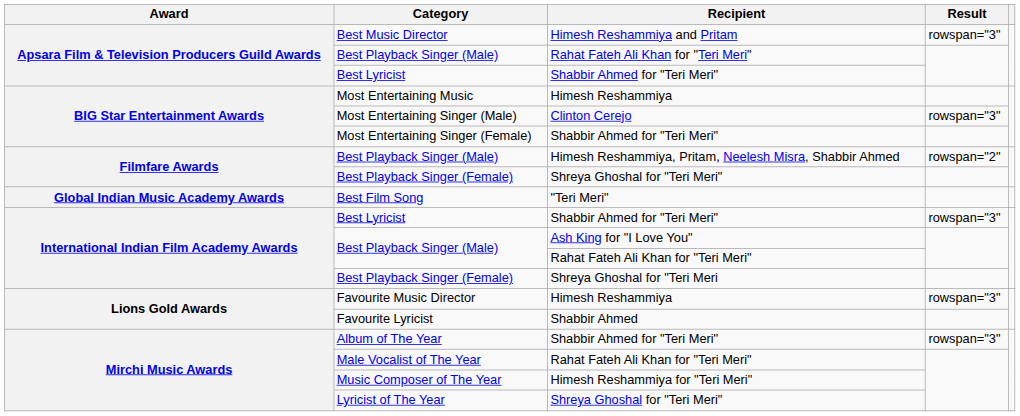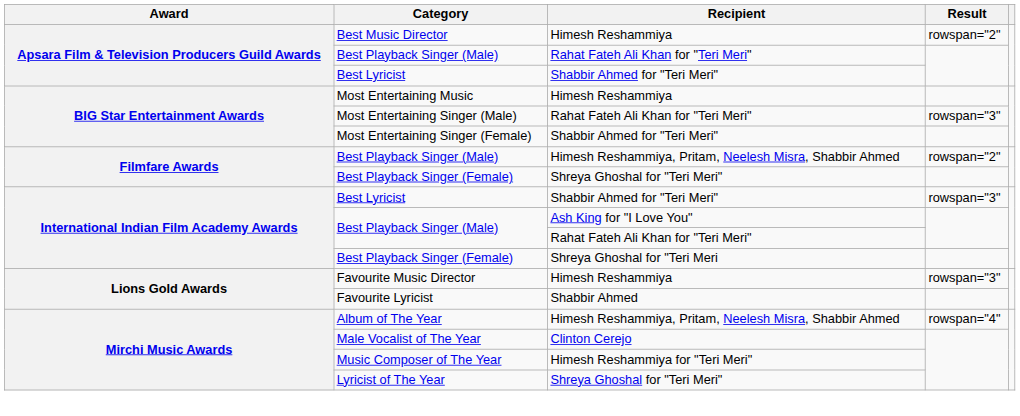 <table class="wikitable plainrowheaders sortable" width="100%">
 <tr>
 <th scope="col" class="unsortable">Award</th>
 <th scope="col" class="unsortable">Category</th>
 <th scope="col" class="unsortable">Recipient</th>
 <th scope="col" class="unsortable">Result</th>
 <th scope="col" class="unsortable"></th>
 </tr>
 <tr>
 <th scope="row" rowspan="3"><a href='#'>Apsara Film & Television Producers Guild Awards</a></th>
 <td><a href='#'>Best Music Director</a></td>
-<td><a href='#'>Himesh Reshammiya</a> and <a href='#'>Pritam</a></td>
-<td>rowspan="3" </td>
+<td>Himesh Reshammiya</td>
+<td>rowspan="2" </td>
 <td rowspan="3" align="center"><br></td>
 </tr>
 <tr>
 <td><a href='#'>Best Playback Singer (Male)</a></td>
 <td><a href='#'>Rahat Fateh Ali Khan</a> for "<a href='#'>Teri Meri</a>"</td>
 </tr>
 <tr>
 <td><a href='#'>Best Lyricist</a></td>
 <td><a href='#'>Shabbir Ahmed</a> for "Teri Meri"</td>
 </tr>
 <tr>
 <th scope="row" rowspan="3"><a href='#'>BIG Star Entertainment Awards</a></th>
 <td>Most Entertaining Music</td>
 <td>Himesh Reshammiya</td>
 <td></td>
 <td rowspan="3" align="center"><br></td>
 </tr>
 <tr>
 <td>Most Entertaining Singer (Male)</td>
-<td><a href='#'>Clinton Cerejo</a></td>
+<td>Rahat Fateh Ali Khan for "Teri Meri"</td>
 <td>rowspan="3" </td>
 </tr>
 <tr>
 <td>Most Entertaining Singer (Female)</td>
 <td>Shabbir Ahmed for "Teri Meri"</td>
 </tr>
 <tr>
 <th scope="row" rowspan="2"><a href='#'>Filmfare Awards</a></th>
 <td><a href='#'>Best Playback Singer (Male)</a></td>
 <td>Himesh Reshammiya, Pritam, <a href='#'>Neelesh Misra</a>, Shabbir Ahmed</td>
 <td>rowspan="2" </td>
 <td rowspan="2" align="center"></td>
 </tr>
 <tr>
 <td><a href='#'>Best Playback Singer (Female)</a></td>
 <td>Shreya Ghoshal for "Teri Meri"</td>
-</tr>
-<tr>
-<th scope="row"><a href='#'>Global Indian Music Academy Awards</a></th>
-<td><a href='#'>Best Film Song</a></td>
-<td>"Teri Meri"</td>
-<td></td>
-<td align="center"></td>
 </tr>
 <tr>
 <th rowspan="4" scope="row"><a href='#'>International Indian Film Academy Awards</a></th>
 <td><a href='#'>Best Lyricist</a></td>
 <td>Shabbir Ahmed for "Teri Meri"</td>
 <td>rowspan="3" </td>
 <td rowspan="4" align="center"><br></td>
 </tr>
 <tr>
 <td rowspan="2"><a href='#'>Best Playback Singer (Male)</a></td>
 <td><a href='#'>Ash King</a> for "I Love You"</td>
 </tr>
 <tr>
 <td>Rahat Fateh Ali Khan for "Teri Meri"</td>
 </tr>
 <tr>
 <td><a href='#'>Best Playback Singer (Female)</a></td>
 <td>Shreya Ghoshal for "Teri Meri</td>
 <td></td>
 </tr>
 <tr>
 <th scope="row" rowspan="2">Lions Gold Awards</th>
 <td>Favourite Music Director</td>
 <td>Himesh Reshammiya</td>
 <td>rowspan="3" </td>
 <td rowspan="2" align="center"></td>
 </tr>
 <tr>
 <td>Favourite Lyricist</td>
 <td>Shabbir Ahmed</td>
 </tr>
 <tr>
 <th scope="row" rowspan="4"><a href='#'>Mirchi Music Awards</a></th>
 <td><a href='#'>Album of The Year</a></td>
-<td>Shabbir Ahmed for "Teri Meri"</td>
-<td>rowspan="3" </td>
+<td>Himesh Reshammiya, Pritam, <a href='#'>Neelesh Misra</a>, Shabbir Ahmed</td>
+<td>rowspan="4" </td>
 <td rowspan="4" align="center"></td>
 </tr>
 <tr>
 <td><a href='#'>Male Vocalist of The Year</a></td>
-<td>Rahat Fateh Ali Khan for "Teri Meri"</td>
+<td><a href='#'>Clinton Cerejo</a></td>
 </tr>
 <tr>
 <td><a href='#'>Music Composer of The Year</a></td>
 <td>Himesh Reshammiya for "Teri Meri"</td>
 </tr>
 <tr>
 <td><a href='#'>Lyricist of The Year</a></td>
 <td><a href='#'>Shreya Ghoshal</a> for "Teri Meri"</td>
 </tr>
 </table>
